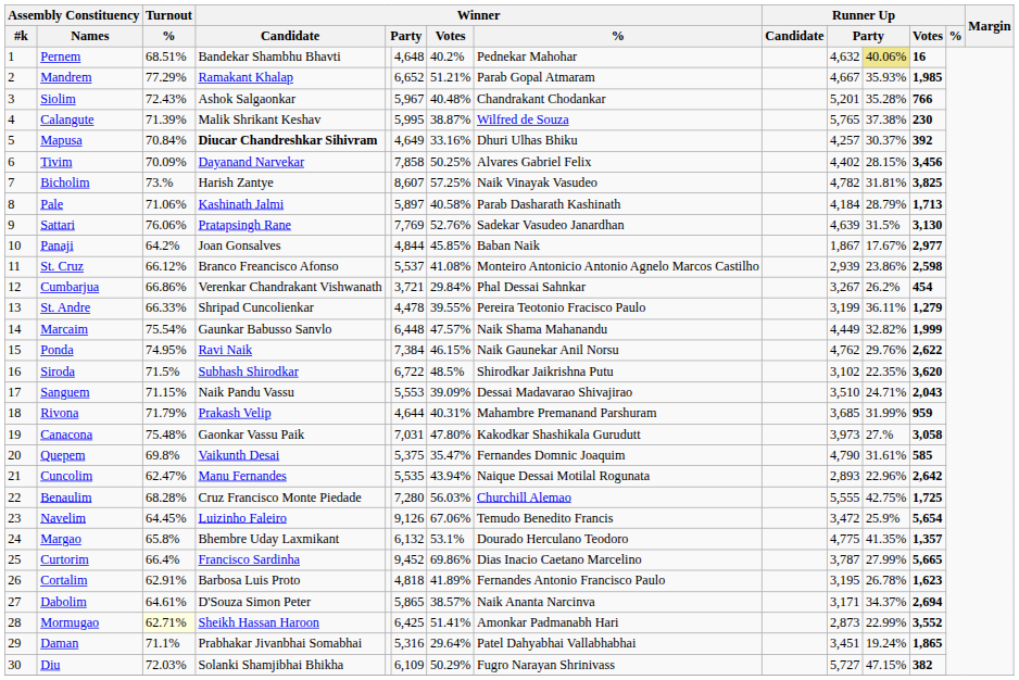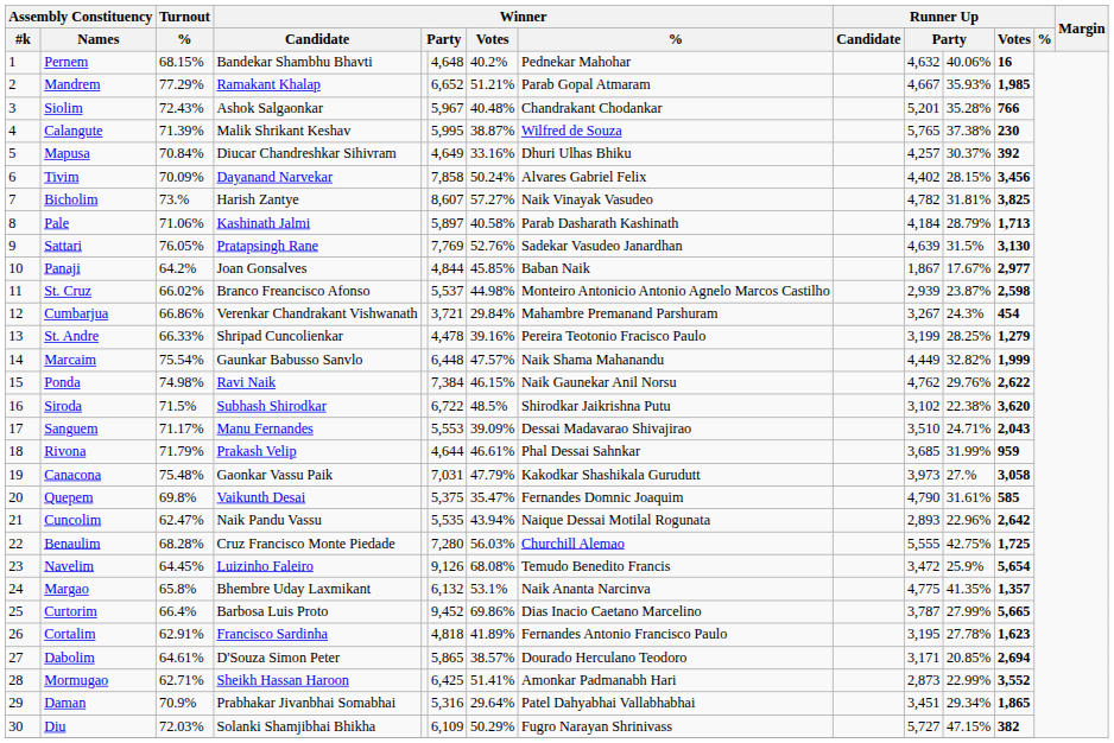 <table class="wikitable sortable">
 <tr>
 <th colspan="2">Assembly Constituency</th>
 <th>Turnout</th>
 <th colspan="5">Winner</th>
 <th colspan="5">Runner Up</th>
 <th rowspan="2" data-sort-type=number>Margin</th>
 </tr>
 <tr>
 <th>#k</th>
 <th>Names</th>
 <th>%</th>
 <th>Candidate</th>
 <th colspan="2">Party</th>
 <th data-sort-type=number>Votes</th>
 <th>%</th>
 <th>Candidate</th>
 <th colspan="2">Party</th>
 <th data-sort-type=number>Votes</th>
 <th>%</th>
 </tr>
 <tr>
 <td>1</td>
 <td><a href='#'>Pernem</a></td>
-<td>68.51%</td>
+<td>68.15%</td>
 <td>Bandekar Shambhu Bhavti</td>
 <td></td>
 <td>4,648</td>
 <td>40.2%</td>
 <td>Pednekar Mahohar</td>
 <td></td>
 <td>4,632</td>
-<td style="background: khaki;">40.06%</td>
+<td>40.06%</td>
 <td style="background:"><span><strong>16</strong></span></td>
 </tr>
 <tr>
 <td>2</td>
 <td><a href='#'>Mandrem</a></td>
 <td>77.29%</td>
 <td><a href='#'>Ramakant Khalap</a></td>
 <td></td>
 <td>6,652</td>
 <td>51.21%</td>
 <td>Parab Gopal Atmaram</td>
 <td></td>
 <td>4,667</td>
 <td>35.93%</td>
 <td style="background:"><span><strong>1,985</strong></span></td>
 </tr>
 <tr>
 <td>3</td>
 <td><a href='#'>Siolim</a></td>
 <td>72.43%</td>
 <td>Ashok Salgaonkar</td>
 <td></td>
 <td>5,967</td>
 <td>40.48%</td>
 <td>Chandrakant Chodankar</td>
 <td></td>
 <td>5,201</td>
 <td>35.28%</td>
 <td style="background:"><span><strong>766</strong></span></td>
 </tr>
 <tr>
 <td>4</td>
 <td><a href='#'>Calangute</a></td>
 <td>71.39%</td>
 <td>Malik Shrikant Keshav</td>
 <td></td>
 <td>5,995</td>
 <td>38.87%</td>
 <td><a href='#'>Wilfred de Souza</a></td>
 <td></td>
 <td>5,765</td>
 <td>37.38%</td>
 <td style="background:"><span><strong>230</strong></span></td>
 </tr>
 <tr>
 <td>5</td>
 <td><a href='#'>Mapusa</a></td>
 <td>70.84%</td>
-<td><strong>Diucar Chandreshkar Sihivram</strong></td>
+<td>Diucar Chandreshkar Sihivram</td>
 <td></td>
 <td>4,649</td>
 <td>33.16%</td>
 <td>Dhuri Ulhas Bhiku</td>
 <td></td>
 <td>4,257</td>
 <td>30.37%</td>
 <td style="background:"><span><strong>392</strong></span></td>
 </tr>
 <tr>
 <td>6</td>
 <td><a href='#'>Tivim</a></td>
 <td>70.09%</td>
 <td><a href='#'>Dayanand Narvekar</a></td>
 <td></td>
 <td>7,858</td>
-<td>50.25%</td>
+<td>50.24%</td>
 <td>Alvares Gabriel Felix</td>
 <td></td>
 <td>4,402</td>
 <td>28.15%</td>
 <td style="background:"><span><strong>3,456</strong></span></td>
 </tr>
 <tr>
 <td>7</td>
 <td><a href='#'>Bicholim</a></td>
 <td>73.%</td>
 <td>Harish Zantye</td>
 <td></td>
 <td>8,607</td>
-<td>57.25%</td>
+<td>57.27%</td>
 <td>Naik Vinayak Vasudeo</td>
 <td></td>
 <td>4,782</td>
 <td>31.81%</td>
 <td style="background:"><span><strong>3,825</strong></span></td>
 </tr>
 <tr>
 <td>8</td>
 <td><a href='#'>Pale</a></td>
 <td>71.06%</td>
 <td><a href='#'>Kashinath Jalmi</a></td>
 <td></td>
 <td>5,897</td>
 <td>40.58%</td>
 <td>Parab Dasharath Kashinath</td>
 <td></td>
 <td>4,184</td>
 <td>28.79%</td>
 <td style="background:"><span><strong>1,713</strong></span></td>
 </tr>
 <tr>
 <td>9</td>
 <td><a href='#'>Sattari</a></td>
-<td>76.06%</td>
+<td>76.05%</td>
 <td><a href='#'>Pratapsingh Rane</a></td>
 <td></td>
 <td>7,769</td>
 <td>52.76%</td>
 <td>Sadekar Vasudeo Janardhan</td>
 <td></td>
 <td>4,639</td>
 <td>31.5%</td>
 <td style="background:"><span><strong>3,130</strong></span></td>
 </tr>
 <tr>
 <td>10</td>
 <td><a href='#'>Panaji</a></td>
 <td>64.2%</td>
 <td>Joan Gonsalves</td>
 <td></td>
 <td>4,844</td>
 <td>45.85%</td>
 <td>Baban Naik</td>
 <td></td>
 <td>1,867</td>
 <td>17.67%</td>
 <td style="background:"><span><strong>2,977</strong></span></td>
 </tr>
 <tr>
 <td>11</td>
 <td><a href='#'>St. Cruz</a></td>
-<td>66.12%</td>
+<td>66.02%</td>
 <td>Branco Freancisco Afonso</td>
 <td></td>
 <td>5,537</td>
-<td>41.08%</td>
+<td>44.98%</td>
 <td>Monteiro Antonicio Antonio Agnelo Marcos Castilho</td>
 <td></td>
 <td>2,939</td>
-<td>23.86%</td>
+<td>23.87%</td>
 <td style="background:"><span><strong>2,598</strong></span></td>
 </tr>
 <tr>
 <td>12</td>
 <td><a href='#'>Cumbarjua</a></td>
 <td>66.86%</td>
 <td>Verenkar Chandrakant Vishwanath</td>
 <td></td>
 <td>3,721</td>
 <td>29.84%</td>
-<td>Phal Dessai Sahnkar</td>
+<td>Mahambre Premanand Parshuram</td>
 <td></td>
 <td>3,267</td>
-<td>26.2%</td>
+<td>24.3%</td>
 <td style="background:"><span><strong>454</strong></span></td>
 </tr>
 <tr>
 <td>13</td>
 <td><a href='#'>St. Andre</a></td>
 <td>66.33%</td>
 <td>Shripad Cuncolienkar</td>
 <td></td>
 <td>4,478</td>
-<td>39.55%</td>
+<td>39.16%</td>
 <td>Pereira Teotonio Fracisco Paulo</td>
 <td></td>
 <td>3,199</td>
-<td>36.11%</td>
+<td>28.25%</td>
 <td style="background:"><span><strong>1,279</strong></span></td>
 </tr>
 <tr>
 <td>14</td>
 <td><a href='#'>Marcaim</a></td>
 <td>75.54%</td>
 <td>Gaunkar Babusso Sanvlo</td>
 <td></td>
 <td>6,448</td>
 <td>47.57%</td>
 <td>Naik Shama Mahanandu</td>
 <td></td>
 <td>4,449</td>
 <td>32.82%</td>
 <td style="background:"><span><strong>1,999</strong></span></td>
 </tr>
 <tr>
 <td>15</td>
 <td><a href='#'>Ponda</a></td>
-<td>74.95%</td>
+<td>74.98%</td>
 <td><a href='#'>Ravi Naik</a></td>
 <td></td>
 <td>7,384</td>
 <td>46.15%</td>
 <td>Naik Gaunekar Anil Norsu</td>
 <td></td>
 <td>4,762</td>
 <td>29.76%</td>
 <td style="background:"><span><strong>2,622</strong></span></td>
 </tr>
 <tr>
 <td>16</td>
 <td><a href='#'>Siroda</a></td>
 <td>71.5%</td>
 <td><a href='#'>Subhash Shirodkar</a></td>
 <td></td>
 <td>6,722</td>
 <td>48.5%</td>
 <td>Shirodkar Jaikrishna Putu</td>
 <td></td>
 <td>3,102</td>
-<td>22.35%</td>
+<td>22.38%</td>
 <td style="background:"><span><strong>3,620</strong></span></td>
 </tr>
 <tr>
 <td>17</td>
 <td><a href='#'>Sanguem</a></td>
-<td>71.15%</td>
-<td>Naik Pandu Vassu</td>
+<td>71.17%</td>
+<td><a href='#'>Manu Fernandes</a></td>
 <td></td>
 <td>5,553</td>
 <td>39.09%</td>
 <td>Dessai Madavarao Shivajirao</td>
 <td></td>
 <td>3,510</td>
 <td>24.71%</td>
 <td style="background:"><span><strong>2,043</strong></span></td>
 </tr>
 <tr>
 <td>18</td>
 <td><a href='#'>Rivona</a></td>
 <td>71.79%</td>
 <td><a href='#'>Prakash Velip</a></td>
 <td></td>
 <td>4,644</td>
-<td>40.31%</td>
-<td>Mahambre Premanand Parshuram</td>
+<td>46.61%</td>
+<td>Phal Dessai Sahnkar</td>
 <td></td>
 <td>3,685</td>
 <td>31.99%</td>
 <td style="background:"><span><strong>959</strong></span></td>
 </tr>
 <tr>
 <td>19</td>
 <td><a href='#'>Canacona</a></td>
 <td>75.48%</td>
 <td>Gaonkar Vassu Paik</td>
 <td></td>
 <td>7,031</td>
-<td>47.80%</td>
+<td>47.79%</td>
 <td>Kakodkar Shashikala Gurudutt</td>
 <td></td>
 <td>3,973</td>
 <td>27.%</td>
 <td style="background:"><span><strong>3,058</strong></span></td>
 </tr>
 <tr>
 <td>20</td>
 <td><a href='#'>Quepem</a></td>
 <td>69.8%</td>
 <td><a href='#'>Vaikunth Desai</a></td>
 <td></td>
 <td>5,375</td>
 <td>35.47%</td>
 <td>Fernandes Domnic Joaquim</td>
 <td></td>
 <td>4,790</td>
 <td>31.61%</td>
 <td style="background:"><span><strong>585</strong></span></td>
 </tr>
 <tr>
 <td>21</td>
 <td><a href='#'>Cuncolim</a></td>
 <td>62.47%</td>
-<td><a href='#'>Manu Fernandes</a></td>
+<td>Naik Pandu Vassu</td>
 <td></td>
 <td>5,535</td>
 <td>43.94%</td>
 <td>Naique Dessai Motilal Rogunata</td>
 <td></td>
 <td>2,893</td>
 <td>22.96%</td>
 <td style="background:"><span><strong>2,642</strong></span></td>
 </tr>
 <tr>
 <td>22</td>
 <td><a href='#'>Benaulim</a></td>
 <td>68.28%</td>
 <td>Cruz Francisco Monte Piedade</td>
 <td></td>
 <td>7,280</td>
 <td>56.03%</td>
 <td><a href='#'>Churchill Alemao</a></td>
 <td></td>
 <td>5,555</td>
 <td>42.75%</td>
 <td style="background:"><span><strong>1,725</strong></span></td>
 </tr>
 <tr>
 <td>23</td>
 <td><a href='#'>Navelim</a></td>
 <td>64.45%</td>
 <td><a href='#'>Luizinho Faleiro</a></td>
 <td></td>
 <td>9,126</td>
-<td>67.06%</td>
+<td>68.08%</td>
 <td>Temudo Benedito Francis</td>
 <td></td>
 <td>3,472</td>
 <td>25.9%</td>
 <td style="background:"><span><strong>5,654</strong></span></td>
 </tr>
 <tr>
 <td>24</td>
 <td><a href='#'>Margao</a></td>
 <td>65.8%</td>
 <td>Bhembre Uday Laxmikant</td>
 <td></td>
 <td>6,132</td>
 <td>53.1%</td>
-<td>Dourado Herculano Teodoro</td>
+<td>Naik Ananta Narcinva</td>
 <td></td>
 <td>4,775</td>
 <td>41.35%</td>
 <td style="background:"><span><strong>1,357</strong></span></td>
 </tr>
 <tr>
 <td>25</td>
 <td><a href='#'>Curtorim</a></td>
 <td>66.4%</td>
-<td><a href='#'>Francisco Sardinha</a></td>
+<td>Barbosa Luis Proto</td>
 <td></td>
 <td>9,452</td>
 <td>69.86%</td>
 <td>Dias Inacio Caetano Marcelino</td>
 <td></td>
 <td>3,787</td>
 <td>27.99%</td>
 <td style="background:"><span><strong>5,665</strong></span></td>
 </tr>
 <tr>
 <td>26</td>
 <td><a href='#'>Cortalim</a></td>
 <td>62.91%</td>
-<td>Barbosa Luis Proto</td>
+<td><a href='#'>Francisco Sardinha</a></td>
 <td></td>
 <td>4,818</td>
 <td>41.89%</td>
 <td>Fernandes Antonio Francisco Paulo</td>
 <td></td>
 <td>3,195</td>
-<td>26.78%</td>
+<td>27.78%</td>
 <td style="background:"><span><strong>1,623</strong></span></td>
 </tr>
 <tr>
 <td>27</td>
 <td><a href='#'>Dabolim</a></td>
 <td>64.61%</td>
 <td>D'Souza Simon Peter</td>
 <td></td>
 <td>5,865</td>
 <td>38.57%</td>
-<td>Naik Ananta Narcinva</td>
+<td>Dourado Herculano Teodoro</td>
 <td></td>
 <td>3,171</td>
-<td>34.37%</td>
+<td>20.85%</td>
 <td style="background:"><span><strong>2,694</strong></span></td>
 </tr>
 <tr>
 <td>28</td>
 <td><a href='#'>Mormugao</a></td>
-<td style="background: lightyellow;">62.71%</td>
+<td>62.71%</td>
 <td><a href='#'>Sheikh Hassan Haroon</a></td>
 <td></td>
 <td>6,425</td>
 <td>51.41%</td>
 <td>Amonkar Padmanabh Hari</td>
 <td></td>
 <td>2,873</td>
 <td>22.99%</td>
 <td style="background:"><span><strong>3,552</strong></span></td>
 </tr>
 <tr>
 <td>29</td>
 <td><a href='#'>Daman</a></td>
-<td>71.1%</td>
+<td>70.9%</td>
 <td>Prabhakar Jivanbhai Somabhai</td>
 <td></td>
 <td>5,316</td>
 <td>29.64%</td>
 <td>Patel Dahyabhai Vallabhabhai</td>
 <td></td>
 <td>3,451</td>
-<td>19.24%</td>
+<td>29.34%</td>
 <td style="background:"><span><strong>1,865</strong></span></td>
 </tr>
 <tr>
 <td>30</td>
 <td><a href='#'>Diu</a></td>
 <td>72.03%</td>
 <td>Solanki Shamjibhai Bhikha</td>
 <td></td>
 <td>6,109</td>
 <td>50.29%</td>
 <td>Fugro Narayan Shrinivass</td>
 <td></td>
 <td>5,727</td>
 <td>47.15%</td>
 <td style="background:"><span><strong>382</strong></span></td>
 </tr>
 <tr>
 </tr>
 </table>
